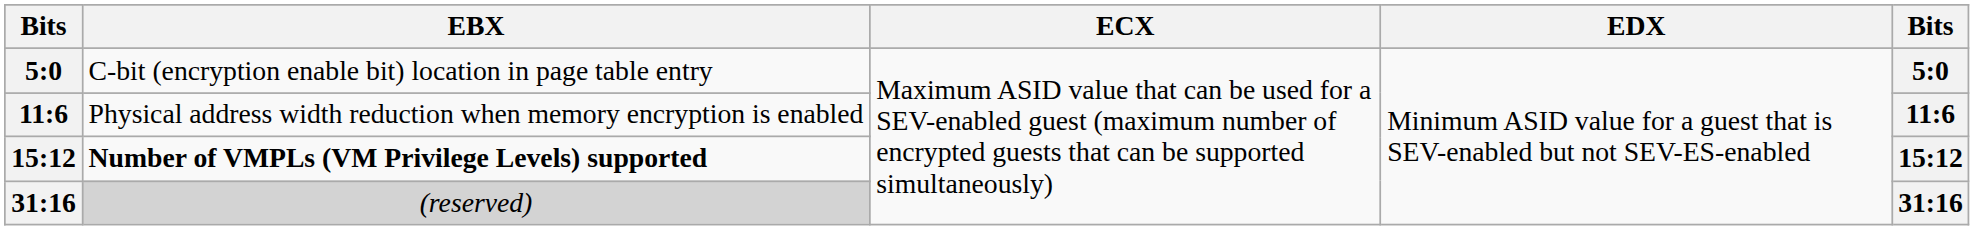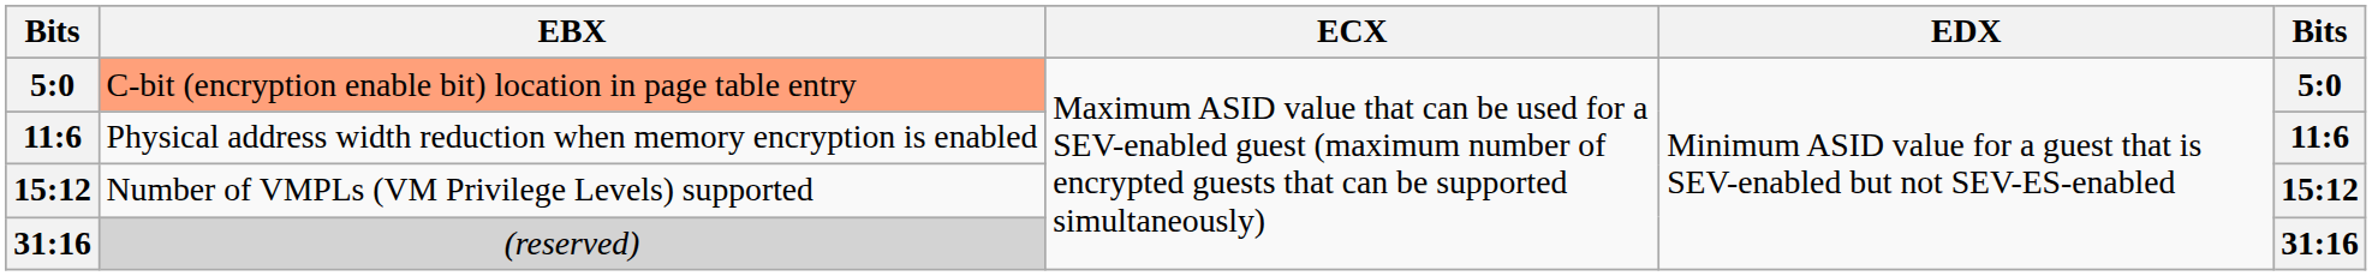 <table class="wikitable">
 <tr>
 <th>Bits</th>
 <th>EBX</th>
 <th>ECX</th>
 <th>EDX</th>
 <th>Bits</th>
 </tr>
 <tr>
 <th>5:0</th>
-<td>C-bit (encryption enable bit) location in page table entry</td>
+<td style="background: lightsalmon;">C-bit (encryption enable bit) location in page table entry</td>
 <td rowspan="4" style="max-width:18em">Maximum ASID value that can be used for a SEV-enabled guest (maximum number of encrypted guests that can be supported simultaneously)</td>
 <td rowspan="4" style="max-width:18em">Minimum ASID value for a guest that is SEV-enabled but not SEV-ES-enabled</td>
 <th>5:0</th>
 </tr>
 <tr>
 <th>11:6</th>
 <td>Physical address width reduction when memory encryption is enabled</td>
 <th>11:6</th>
 </tr>
 <tr>
 <th>15:12</th>
-<td><strong>Number of VMPLs (VM Privilege Levels) supported</strong></td>
+<td>Number of VMPLs (VM Privilege Levels) supported</td>
 <th>15:12</th>
 </tr>
 <tr>
 <th>31:16</th>
 <td style="text-align:center; background:lightgrey;"><em>(reserved)</em></td>
 <th>31:16</th>
 </tr>
 </table>
